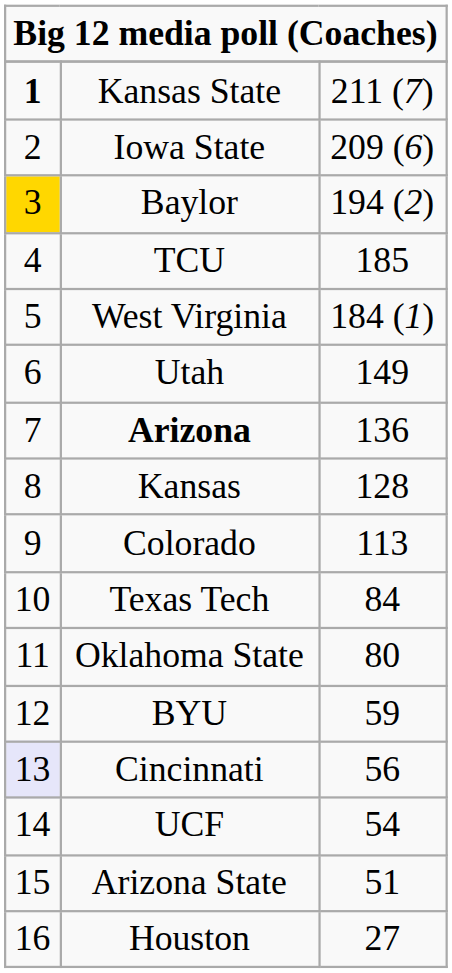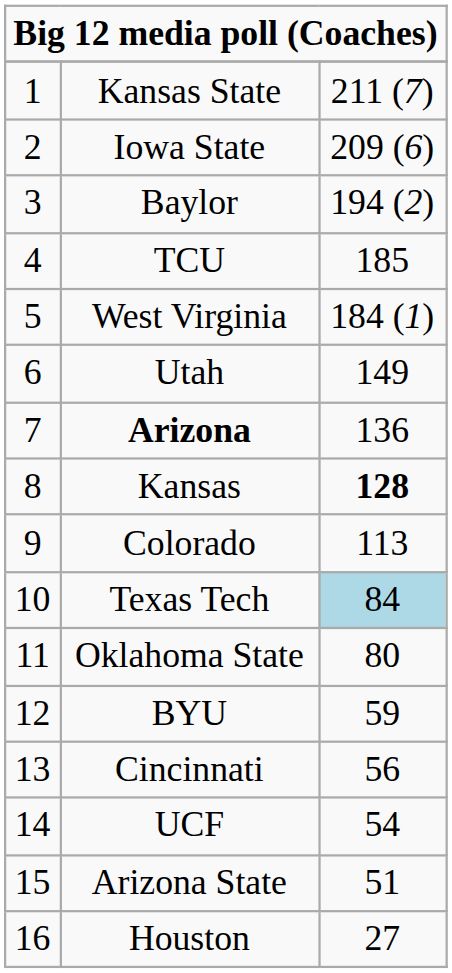 <table class="wikitable" style="display: inline-table;">
 <tr>
 <td align="center" Colspan="3"><strong>Big 12 media poll (Coaches)</strong></td>
 </tr>
 <tr align="center">
 </tr>
 <tr align="center">
-<td><strong>1</strong></td>
+<td>1</td>
 <td ! style=>Kansas State</td>
 <td>211 (<em>7</em>)</td>
 </tr>
 <tr align="center">
 <td>2</td>
 <td ! style=>Iowa State</td>
 <td>209 (<em>6</em>)</td>
 </tr>
 <tr align="center">
-<td style="background: gold;">3</td>
+<td>3</td>
 <td ! style=>Baylor</td>
 <td>194 (<em>2</em>)</td>
 </tr>
 <tr align="center">
 <td>4</td>
 <td ! style=>TCU</td>
 <td>185</td>
 </tr>
 <tr align="center">
 <td>5</td>
 <td ! style=>West Virginia</td>
 <td>184 (<em>1</em>)</td>
 </tr>
 <tr align="center">
 <td>6</td>
 <td ! style=>Utah</td>
 <td>149</td>
 </tr>
 <tr align="center">
 <td>7</td>
 <td ! style=><strong>Arizona</strong></td>
 <td>136</td>
 </tr>
 <tr align="center">
 <td>8</td>
 <td ! style=>Kansas</td>
-<td>128</td>
+<td><strong>128</strong></td>
 </tr>
 <tr align="center">
 <td>9</td>
 <td ! style=>Colorado</td>
 <td>113</td>
 </tr>
 <tr align="center">
 <td>10</td>
 <td ! style=>Texas Tech</td>
-<td>84</td>
+<td style="background: lightblue;">84</td>
 </tr>
 <tr align="center">
 <td>11</td>
 <td ! style=>Oklahoma State</td>
 <td>80</td>
 </tr>
 <tr align="center">
 <td>12</td>
 <td ! style=>BYU</td>
 <td>59</td>
 </tr>
 <tr align="center">
-<td style="background: lavender;">13</td>
+<td>13</td>
 <td ! style=>Cincinnati</td>
 <td>56</td>
 </tr>
 <tr align="center">
 <td>14</td>
 <td ! style=>UCF</td>
 <td>54</td>
 </tr>
 <tr align="center">
 <td>15</td>
 <td ! style=>Arizona State</td>
 <td>51</td>
 </tr>
 <tr align="center">
 <td>16</td>
 <td ! style=>Houston</td>
 <td>27</td>
 </tr>
 </table>
